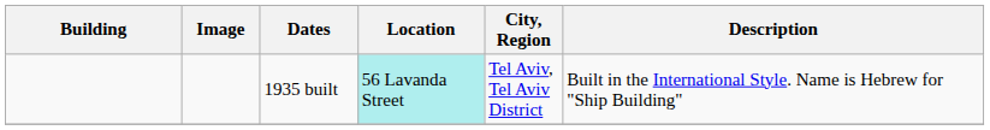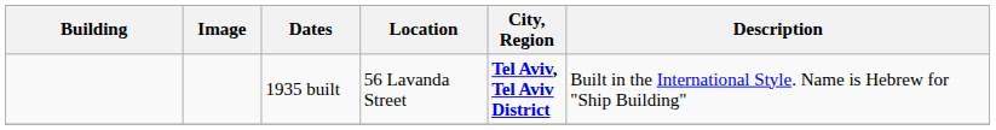 <table class="wikitable sortable" style="width:98%">
 <tr>
 <th width = 18%><strong>Building</strong></th>
 <th width = 8% class="unsortable"><strong>Image</strong></th>
 <th width = 10%><strong>Dates</strong></th>
 <th><strong>Location</strong></th>
 <th width = 8%><strong>City, Region</strong></th>
 <th class="unsortable"><strong>Description</strong></th>
 </tr>
 <tr>
 <td></td>
 <td></td>
 <td>1935 built</td>
-<td style="background: paleturquoise;">56 Lavanda Street <br></td>
-<td><a href='#'>Tel Aviv</a>, <a href='#'>Tel Aviv District</a></td>
+<td>56 Lavanda Street <br></td>
+<td><strong><a href='#'>Tel Aviv</a>, <a href='#'>Tel Aviv District</a></strong></td>
 <td>Built in the <a href='#'>International Style</a>. Name is Hebrew for "Ship Building"</td>
 </tr>
 <tr>
 </tr>
 </table>
